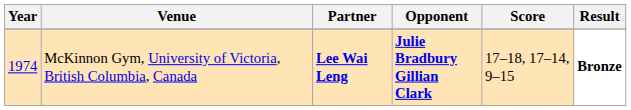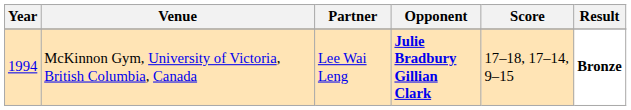 <table class="sortable wikitable" style="font-size: 90%;">
 <tr>
 <th>Year</th>
 <th>Venue</th>
 <th>Partner</th>
 <th>Opponent</th>
 <th>Score</th>
 <th>Result</th>
 </tr>
 <tr>
 </tr>
 <tr style="background:#FFE4B5">
-<td align="center"><a href='#'>1974</a></td>
+<td align="center"><a href='#'>1994</a></td>
 <td align="left">McKinnon Gym, <a href='#'>University of Victoria</a>, <a href='#'>British Columbia</a>, <a href='#'>Canada</a></td>
-<td align="left"><strong> <a href='#'>Lee Wai Leng</a></strong></td>
+<td align="left"> <a href='#'>Lee Wai Leng</a></td>
 <td align="left"><strong> <a href='#'>Julie Bradbury</a> <br>  <a href='#'>Gillian Clark</a></strong></td>
 <td align="left">17–18, 17–14, 9–15</td>
 <td style="text-align:left; background:white"> <strong>Bronze</strong></td>
 </tr>
 </table>
